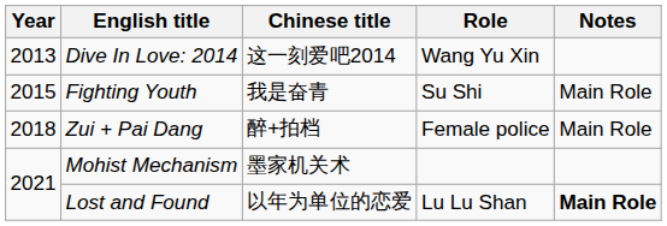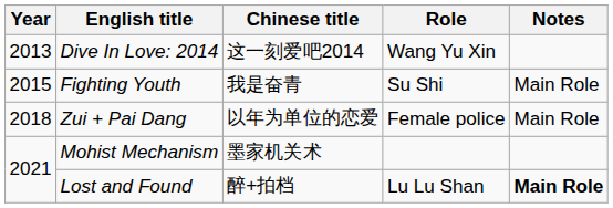 <table class="wikitable">
 <tr>
 <th>Year</th>
 <th>English title</th>
 <th>Chinese title</th>
 <th>Role</th>
 <th>Notes</th>
 </tr>
 <tr>
 <td>2013</td>
 <td><em>Dive In Love: 2014</em></td>
 <td>这一刻爱吧2014</td>
 <td>Wang Yu Xin</td>
 <td></td>
 </tr>
 <tr>
 <td>2015</td>
 <td><em>Fighting Youth</em></td>
 <td>我是奋青</td>
 <td>Su Shi</td>
 <td>Main Role</td>
 </tr>
 <tr>
 <td>2018</td>
 <td><em>Zui + Pai Dang</em></td>
-<td>醉+拍档</td>
+<td>以年为单位的恋爱</td>
 <td>Female police</td>
 <td>Main Role</td>
 </tr>
 <tr>
 <td rowspan=2>2021</td>
 <td><em>Mohist Mechanism</em></td>
 <td>墨家机关术</td>
 <td></td>
 <td></td>
 </tr>
 <tr>
 <td><em>Lost and Found</em></td>
-<td>以年为单位的恋爱</td>
+<td>醉+拍档</td>
 <td>Lu Lu Shan</td>
 <td><strong>Main Role</strong></td>
 </tr>
 </table>
